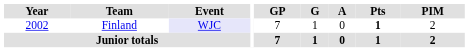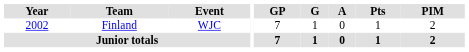 <table border="0" cellpadding="1" cellspacing="0" ID="Table3" style="text-align:center; width:40em">
 <tr ALIGN="center" bgcolor="#e0e0e0">
 <th>Year</th>
 <th>Team</th>
 <th>Event</th>
 <th rowspan="99" bgcolor="#ffffff"></th>
 <th>GP</th>
 <th>G</th>
 <th>A</th>
 <th>Pts</th>
 <th>PIM</th>
 </tr>
 <tr>
 <td><a href='#'>2002</a></td>
 <td><a href='#'>Finland</a></td>
-<td style="background: lavender;"><a href='#'>WJC</a></td>
+<td><a href='#'>WJC</a></td>
 <td>7</td>
 <td>1</td>
 <td>0</td>
-<td><strong>1</strong></td>
+<td>1</td>
 <td>2</td>
 </tr>
 <tr bgcolor="#e0e0e0">
 <th colspan="3">Junior totals</th>
 <th>7</th>
 <th>1</th>
 <th>0</th>
 <th>1</th>
 <th>2</th>
 </tr>
 </table>
